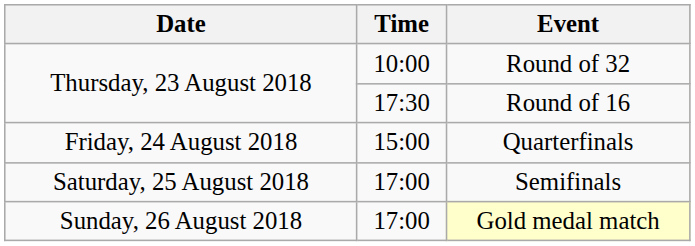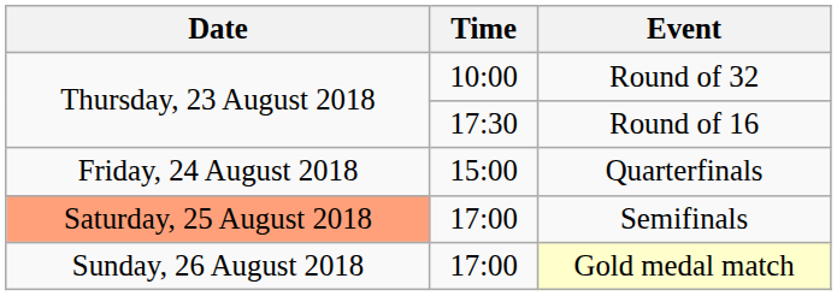 <table class = "wikitable" style="text-align:center;">
 <tr>
 <th width=220>Date</th>
 <th width=50>Time</th>
 <th width=150>Event</th>
 </tr>
 <tr>
 <td rowspan="2">Thursday, 23 August 2018</td>
 <td>10:00</td>
 <td>Round of 32</td>
 </tr>
 <tr>
 <td>17:30</td>
 <td>Round of 16</td>
 </tr>
 <tr>
 <td>Friday, 24 August 2018</td>
 <td>15:00</td>
 <td>Quarterfinals</td>
 </tr>
 <tr>
-<td>Saturday, 25 August 2018</td>
+<td style="background: lightsalmon;">Saturday, 25 August 2018</td>
 <td>17:00</td>
 <td>Semifinals</td>
 </tr>
 <tr>
 <td>Sunday, 26 August 2018</td>
 <td>17:00</td>
 <td bgcolor=ffffcc>Gold medal match</td>
 </tr>
 </table>
